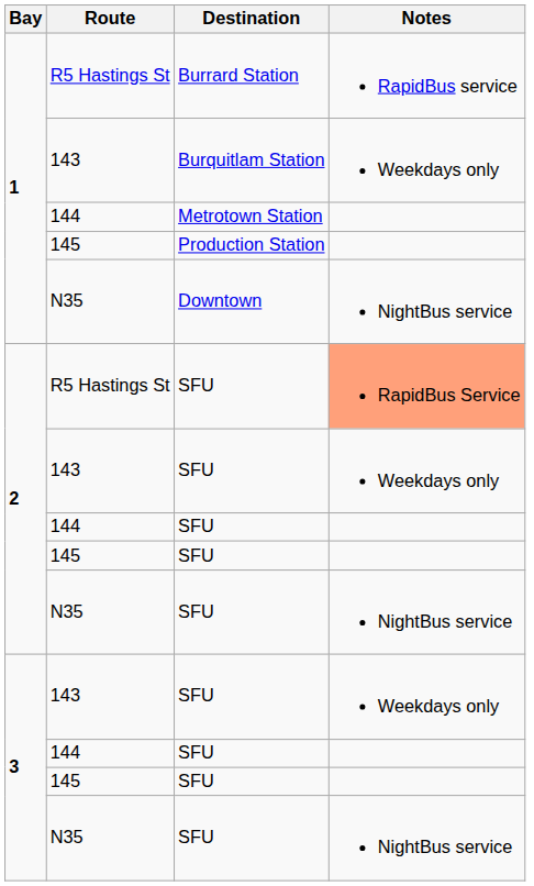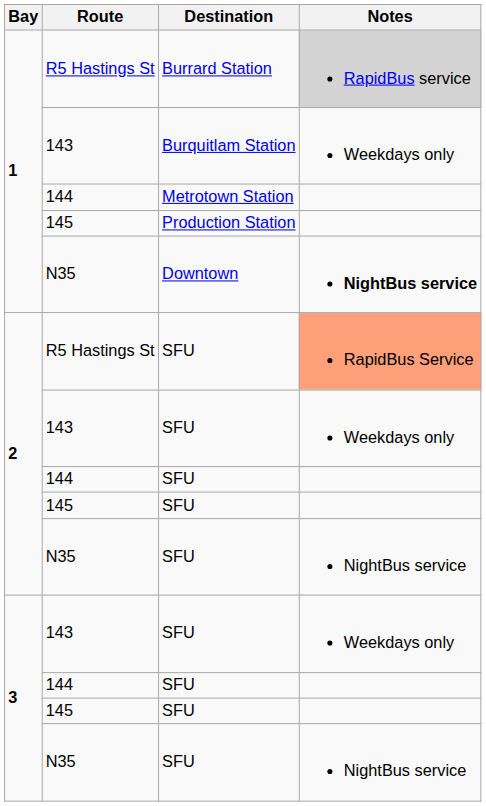 <table class="wikitable">
 <tr>
 <th>Bay</th>
 <th>Route</th>
 <th>Destination</th>
 <th>Notes</th>
 </tr>
 <tr>
 <td rowspan="5"><strong>1</strong></td>
 <td><a href='#'>R5 Hastings St</a></td>
 <td><a href='#'>Burrard Station</a></td>
-<td><br><ul><li><a href='#'>RapidBus</a> service</li></ul></td>
+<td style="background: lightgrey;"><br><ul><li><a href='#'>RapidBus</a> service</li></ul></td>
 </tr>
 <tr>
 <td>143</td>
 <td><a href='#'>Burquitlam Station</a></td>
 <td><br><ul><li>Weekdays only</li></ul></td>
 </tr>
 <tr>
 <td>144</td>
 <td><a href='#'>Metrotown Station</a></td>
 <td></td>
 </tr>
 <tr>
 <td>145</td>
 <td><a href='#'>Production Station</a></td>
 <td></td>
 </tr>
 <tr>
 <td>N35</td>
 <td><a href='#'>Downtown</a></td>
-<td><br><ul><li>NightBus service</li></ul></td>
+<td><strong><br><ul><li>NightBus service</li></ul></strong></td>
 </tr>
 <tr>
 <td rowspan="5"><strong>2</strong></td>
 <td>R5 Hastings St</td>
 <td>SFU</td>
 <td style="background: lightsalmon;"><br><ul><li>RapidBus Service</li></ul></td>
 </tr>
 <tr>
 <td>143</td>
 <td>SFU</td>
 <td><br><ul><li>Weekdays only</li></ul></td>
 </tr>
 <tr>
 <td>144</td>
 <td>SFU</td>
 <td></td>
 </tr>
 <tr>
 <td>145</td>
 <td>SFU</td>
 <td></td>
 </tr>
 <tr>
 <td>N35</td>
 <td>SFU</td>
 <td><br><ul><li>NightBus service</li></ul></td>
 </tr>
 <tr>
 <td rowspan="4"><strong>3</strong></td>
 <td>143</td>
 <td>SFU</td>
 <td><br><ul><li>Weekdays only</li></ul></td>
 </tr>
 <tr>
 <td>144</td>
 <td>SFU</td>
 <td></td>
 </tr>
 <tr>
 <td>145</td>
 <td>SFU</td>
 <td></td>
 </tr>
 <tr>
 <td>N35</td>
 <td>SFU</td>
 <td><br><ul><li>NightBus service</li></ul></td>
 </tr>
 </table>
